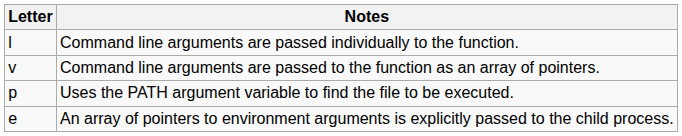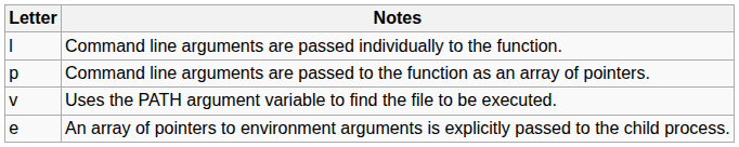 <table class="wikitable">
 <tr>
 <th>Letter</th>
 <th>Notes</th>
 </tr>
 <tr>
 <td>l</td>
 <td>Command line arguments are passed individually to the function.</td>
 </tr>
 <tr>
-<td>v</td>
+<td>p</td>
 <td>Command line arguments are passed to the function as an array of pointers.</td>
 </tr>
 <tr>
-<td>p</td>
+<td>v</td>
 <td>Uses the PATH argument variable to find the file to be executed.</td>
 </tr>
 <tr>
 <td>e</td>
 <td>An array of pointers to environment arguments is explicitly passed to the child process.</td>
 </tr>
 <tr>
 </tr>
 </table>
